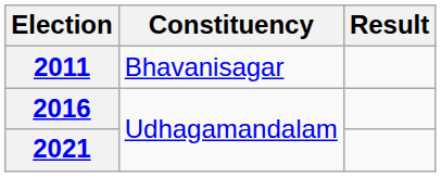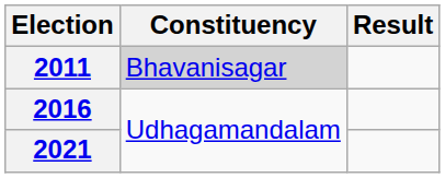 <table class="sortable wikitable">
 <tr>
 <th>Election</th>
 <th>Constituency</th>
 <th>Result</th>
 </tr>
 <tr>
 <th><a href='#'>2011</a></th>
-<td><a href='#'>Bhavanisagar</a></td>
+<td style="background: lightgrey;"><a href='#'>Bhavanisagar</a></td>
 <td></td>
 </tr>
 <tr>
 <th><a href='#'>2016</a></th>
 <td rowspan=2><a href='#'>Udhagamandalam</a></td>
 <td></td>
 </tr>
 <tr>
 <th><a href='#'>2021</a></th>
 <td></td>
 </tr>
 </table>
